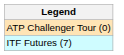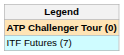 <table class=wikitable>
 <tr>
 <th>Legend</th>
 </tr>
 <tr bgcolor=moccasin>
-<td>ATP Challenger Tour (0)</td>
+<td><strong>ATP Challenger Tour (0)</strong></td>
 </tr>
 <tr bgcolor=CFFCFF>
 <td>ITF Futures (7)</td>
 </tr>
 </table>
